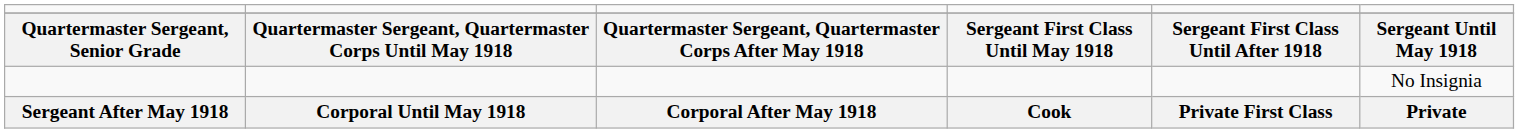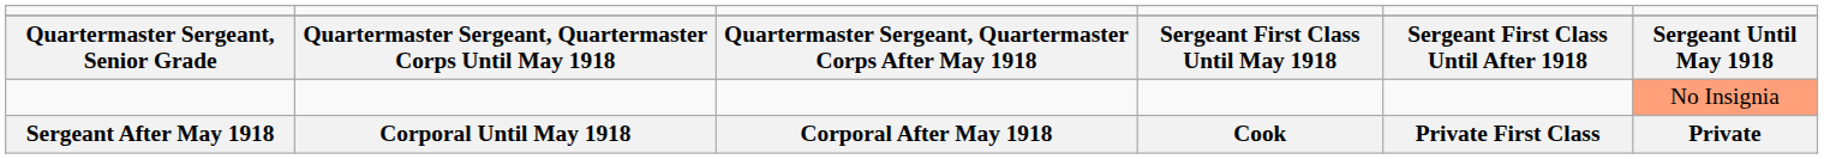 <table class="wikitable" style="text-align:center">
 <tr>
 <td></td>
 <td></td>
 <td></td>
 <td></td>
 <td></td>
 <td></td>
 </tr>
 <tr>
 </tr>
 <tr>
 <th>Quartermaster Sergeant, Senior Grade</th>
 <th>Quartermaster Sergeant, Quartermaster Corps Until May 1918</th>
 <th>Quartermaster Sergeant, Quartermaster Corps After May 1918</th>
 <th>Sergeant First Class Until May 1918</th>
 <th>Sergeant First Class Until After 1918</th>
 <th>Sergeant Until May 1918</th>
 </tr>
 <tr>
 <td></td>
 <td></td>
 <td></td>
 <td></td>
 <td></td>
-<td>No Insignia</td>
+<td style="background: lightsalmon;">No Insignia</td>
 </tr>
 <tr>
 <th>Sergeant After May 1918</th>
 <th>Corporal Until May 1918</th>
 <th>Corporal After May 1918</th>
 <th>Cook</th>
 <th>Private First Class</th>
 <th>Private</th>
 </tr>
 </table>
